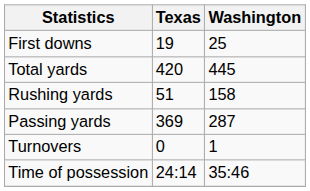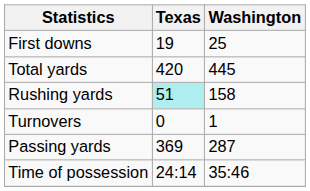 <table class="wikitable" style="float: left;">
 <tr>
 <th>Statistics</th>
 <th>Texas</th>
 <th>Washington</th>
 </tr>
 <tr>
 <td>First downs</td>
 <td>19</td>
 <td>25</td>
 </tr>
 <tr>
 <td>Total yards</td>
 <td>420</td>
 <td>445</td>
 </tr>
 <tr>
 <td>Rushing yards</td>
-<td>51</td>
+<td style="background: paleturquoise;">51</td>
 <td>158</td>
+</tr>
+<tr>
+<td>Turnovers</td>
+<td>0</td>
+<td>1</td>
 </tr>
 <tr>
 <td>Passing yards</td>
 <td>369</td>
 <td>287</td>
-</tr>
-<tr>
-<td>Turnovers</td>
-<td>0</td>
-<td>1</td>
 </tr>
 <tr>
 <td>Time of possession</td>
 <td>24:14</td>
 <td>35:46</td>
 </tr>
 <tr>
 </tr>
 </table>
